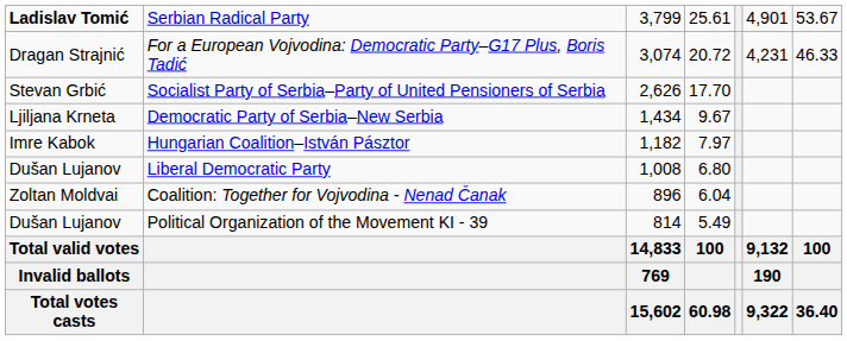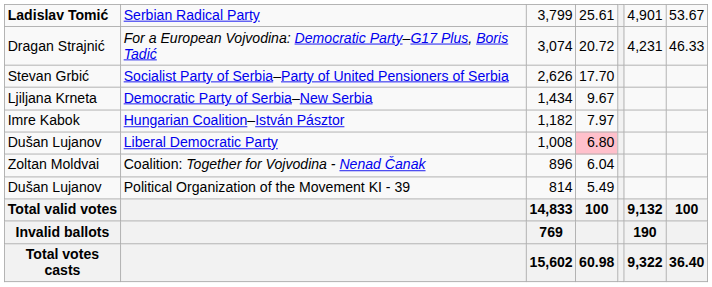 <table style="width:800px;" class="wikitable">
 <tr>
 <td align="left"><strong>Ladislav Tomić</strong></td>
 <td align="left"><a href='#'>Serbian Radical Party</a></td>
 <td align="right">3,799</td>
 <td align="right">25.61</td>
 <th align="left"></th>
 <td align="right">4,901</td>
 <td align="right">53.67</td>
 </tr>
 <tr>
 <td align="left">Dragan Strajnić</td>
 <td align="left"><em>For a European Vojvodina: <a href='#'>Democratic Party</a>–<a href='#'>G17 Plus</a>, <a href='#'>Boris Tadić</a></em></td>
 <td align="right">3,074</td>
 <td align="right">20.72</td>
 <th align="left"></th>
 <td align="right">4,231</td>
 <td align="right">46.33</td>
 </tr>
 <tr>
 <td align="left">Stevan Grbić</td>
 <td align="left"><a href='#'>Socialist Party of Serbia</a>–<a href='#'>Party of United Pensioners of Serbia</a></td>
 <td align="right">2,626</td>
 <td align="right">17.70</td>
 <th align="left"></th>
 <td align="right"></td>
 <td align="right"></td>
 </tr>
 <tr>
 <td align="left">Ljiljana Krneta</td>
 <td align="left"><a href='#'>Democratic Party of Serbia</a>–<a href='#'>New Serbia</a></td>
 <td align="right">1,434</td>
 <td align="right">9.67</td>
 <th align="left"></th>
 <td align="right"></td>
 <td align="right"></td>
 </tr>
 <tr>
 <td align="left">Imre Kabok</td>
 <td align="left"><a href='#'>Hungarian Coalition</a>–<a href='#'>István Pásztor</a></td>
 <td align="right">1,182</td>
 <td align="right">7.97</td>
 <th align="left"></th>
 <td align="right"></td>
 <td align="right"></td>
 </tr>
 <tr>
 <td align="left">Dušan Lujanov</td>
 <td align="left"><a href='#'>Liberal Democratic Party</a></td>
 <td align="right">1,008</td>
-<td align="right">6.80</td>
+<td align="right" style="background: pink;">6.80</td>
 <th align="left"></th>
 <td align="right"></td>
 <td align="right"></td>
 </tr>
 <tr>
 <td align="left">Zoltan Moldvai</td>
 <td align="left">Coalition: <em>Together for Vojvodina - <a href='#'>Nenad Čanak</a></em></td>
 <td align="right">896</td>
 <td align="right">6.04</td>
 <th align="left"></th>
 <td align="right"></td>
 <td align="right"></td>
 </tr>
 <tr>
 <td align="left">Dušan Lujanov</td>
 <td align="left">Political Organization of the Movement KI - 39</td>
 <td align="right">814</td>
 <td align="right">5.49</td>
 <th align="left"></th>
 <td align="right"></td>
 <td align="right"></td>
 </tr>
 <tr>
 <th align="left">Total valid votes</th>
 <th align="left"></th>
 <th align="right">14,833</th>
 <th align="right">100</th>
 <th align="left"></th>
 <th align="right">9,132</th>
 <th align="right">100</th>
 </tr>
 <tr>
 <th align="left">Invalid ballots</th>
 <th align="left"></th>
 <th align="right">769</th>
 <th align="right"></th>
 <th align="left"></th>
 <th align="right">190</th>
 <th align="right"></th>
 </tr>
 <tr>
 <th align="left">Total votes casts</th>
 <th align="left"></th>
 <th align="right">15,602</th>
 <th align="right">60.98</th>
 <th align="left"></th>
 <th align="right">9,322</th>
 <th align="right">36.40</th>
 </tr>
 </table>
